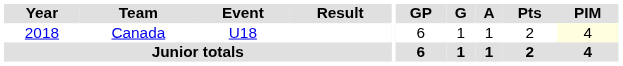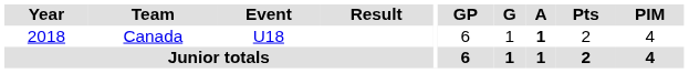 <table border="0" cellpadding="1" cellspacing="0" ID="Table3" style="text-align:center; width:40em">
 <tr ALIGN="center" bgcolor="#e0e0e0">
 <th>Year</th>
 <th>Team</th>
 <th>Event</th>
 <th>Result</th>
 <th rowspan="99" bgcolor="#ffffff"></th>
 <th>GP</th>
 <th>G</th>
 <th>A</th>
 <th>Pts</th>
 <th>PIM</th>
 </tr>
 <tr>
 <td><a href='#'>2018</a></td>
 <td><a href='#'>Canada</a></td>
 <td><a href='#'>U18</a></td>
 <td></td>
 <td>6</td>
 <td>1</td>
-<td>1</td>
+<td><strong>1</strong></td>
 <td>2</td>
-<td style="background: lightyellow;">4</td>
+<td>4</td>
 </tr>
 <tr bgcolor="#e0e0e0">
 <th colspan="4">Junior totals</th>
 <th>6</th>
 <th>1</th>
 <th>1</th>
 <th>2</th>
 <th>4</th>
 </tr>
 </table>
